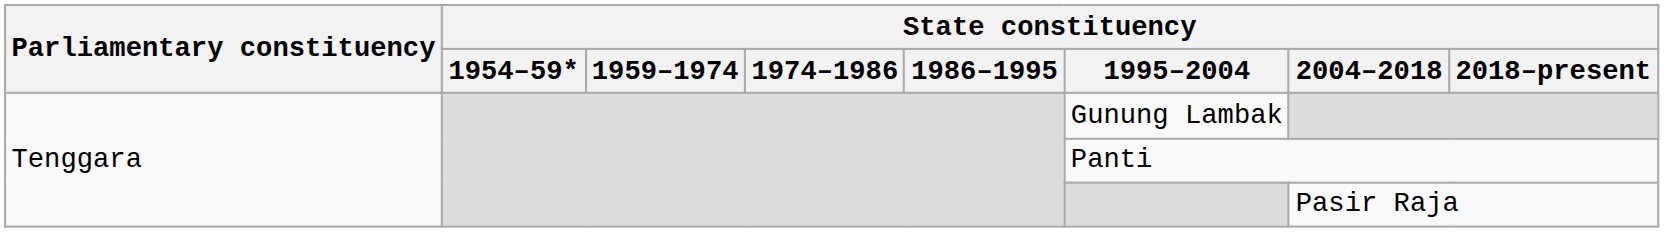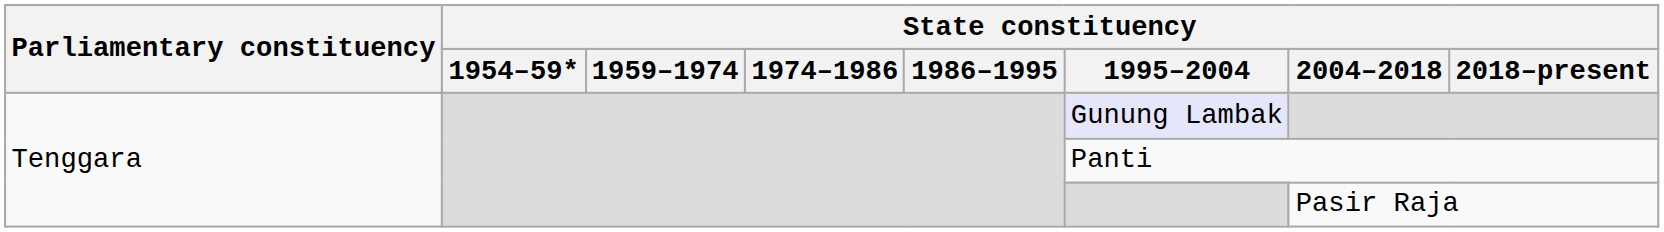 <table class="wikitable">
 <tr>
 <th rowspan="2">Parliamentary constituency</th>
 <th colspan="7">State constituency</th>
 </tr>
 <tr>
 <th>1954–59*</th>
 <th>1959–1974</th>
 <th>1974–1986</th>
 <th>1986–1995</th>
 <th>1995–2004</th>
 <th>2004–2018</th>
 <th>2018–present</th>
 </tr>
 <tr>
 <td rowspan="3">Tenggara</td>
 <td colspan="4" rowspan="3" bgcolor="dcdcdc"></td>
-<td>Gunung Lambak</td>
+<td style="background: lavender;">Gunung Lambak</td>
 <td colspan="2" bgcolor="dcdcdc"></td>
 </tr>
 <tr>
 <td colspan="3">Panti</td>
 </tr>
 <tr>
 <td bgcolor="dcdcdc"></td>
 <td colspan="2">Pasir Raja</td>
 </tr>
 </table>
